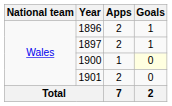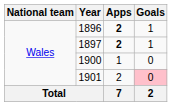 <table class=wikitable style="text-align: center">
 <tr>
 <th>National team</th>
 <th>Year</th>
 <th>Apps</th>
 <th>Goals</th>
 </tr>
 <tr>
 <td rowspan=4><a href='#'>Wales</a></td>
 <td>1896</td>
-<td>2</td>
+<td><strong>2</strong></td>
 <td>1</td>
 </tr>
 <tr>
 <td>1897</td>
-<td>2</td>
+<td><strong>2</strong></td>
 <td>1</td>
 </tr>
 <tr>
 <td>1900</td>
 <td>1</td>
-<td style="background: lightyellow;">0</td>
+<td>0</td>
 </tr>
 <tr>
 <td>1901</td>
 <td>2</td>
-<td>0</td>
+<td style="background: pink;">0</td>
 </tr>
 <tr>
 <th colspan=2>Total</th>
 <th>7</th>
 <th>2</th>
 </tr>
 </table>
